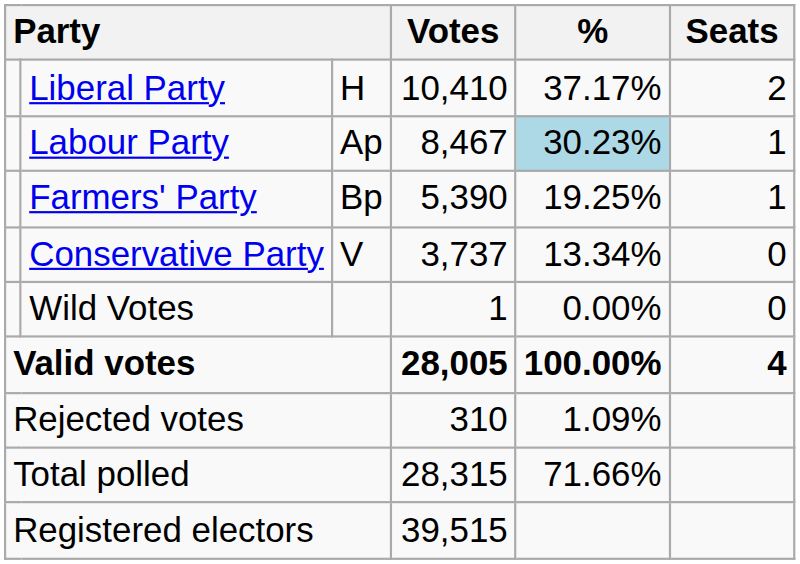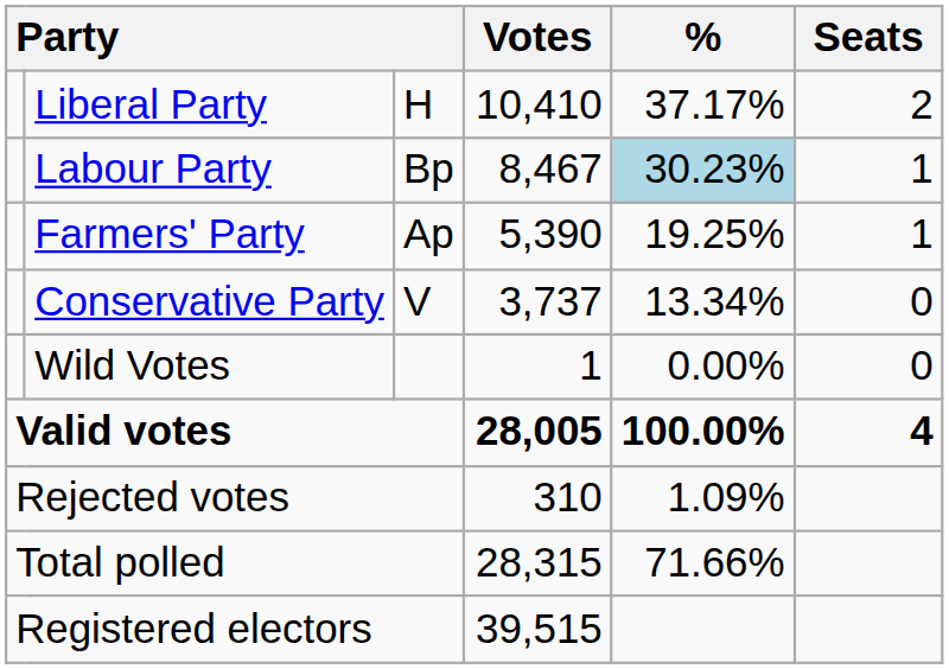 <table class="wikitable" border="1" style="text-align:right;">
 <tr>
 <th style="text-align:left;" colspan=3>Party</th>
 <th align=center width="50">Votes</th>
 <th align=center width="50">%</th>
 <th align=center width="50">Seats</th>
 </tr>
 <tr>
 <td style="color:inherit;background:"></td>
 <td align=left><a href='#'>Liberal Party</a></td>
 <td align=left>H</td>
 <td>10,410</td>
 <td>37.17%</td>
 <td>2</td>
 </tr>
 <tr>
 <td style="color:inherit;background:"></td>
 <td align=left><a href='#'>Labour Party</a></td>
-<td align=left>Ap</td>
+<td align=left>Bp</td>
 <td>8,467</td>
 <td style="background: lightblue;">30.23%</td>
 <td>1</td>
 </tr>
 <tr>
 <td style="color:inherit;background:"></td>
 <td align=left><a href='#'>Farmers' Party</a></td>
-<td align=left>Bp</td>
+<td align=left>Ap</td>
 <td>5,390</td>
 <td>19.25%</td>
 <td>1</td>
 </tr>
 <tr>
 <td style="color:inherit;background:"></td>
 <td align=left><a href='#'>Conservative Party</a></td>
 <td align=left>V</td>
 <td>3,737</td>
 <td>13.34%</td>
 <td>0</td>
 </tr>
 <tr>
 <td></td>
 <td align=left>Wild Votes</td>
 <td align=left></td>
 <td>1</td>
 <td>0.00%</td>
 <td>0</td>
 </tr>
 <tr style="font-weight:bold">
 <td align=left colspan=3>Valid votes</td>
 <td>28,005</td>
 <td>100.00%</td>
 <td>4</td>
 </tr>
 <tr>
 <td align=left colspan=3>Rejected votes</td>
 <td>310</td>
 <td>1.09%</td>
 <td></td>
 </tr>
 <tr>
 <td align=left colspan=3>Total polled</td>
 <td>28,315</td>
 <td>71.66%</td>
 <td></td>
 </tr>
 <tr>
 <td align=left colspan=3>Registered electors</td>
 <td>39,515</td>
 <td></td>
 <td></td>
 </tr>
 </table>
